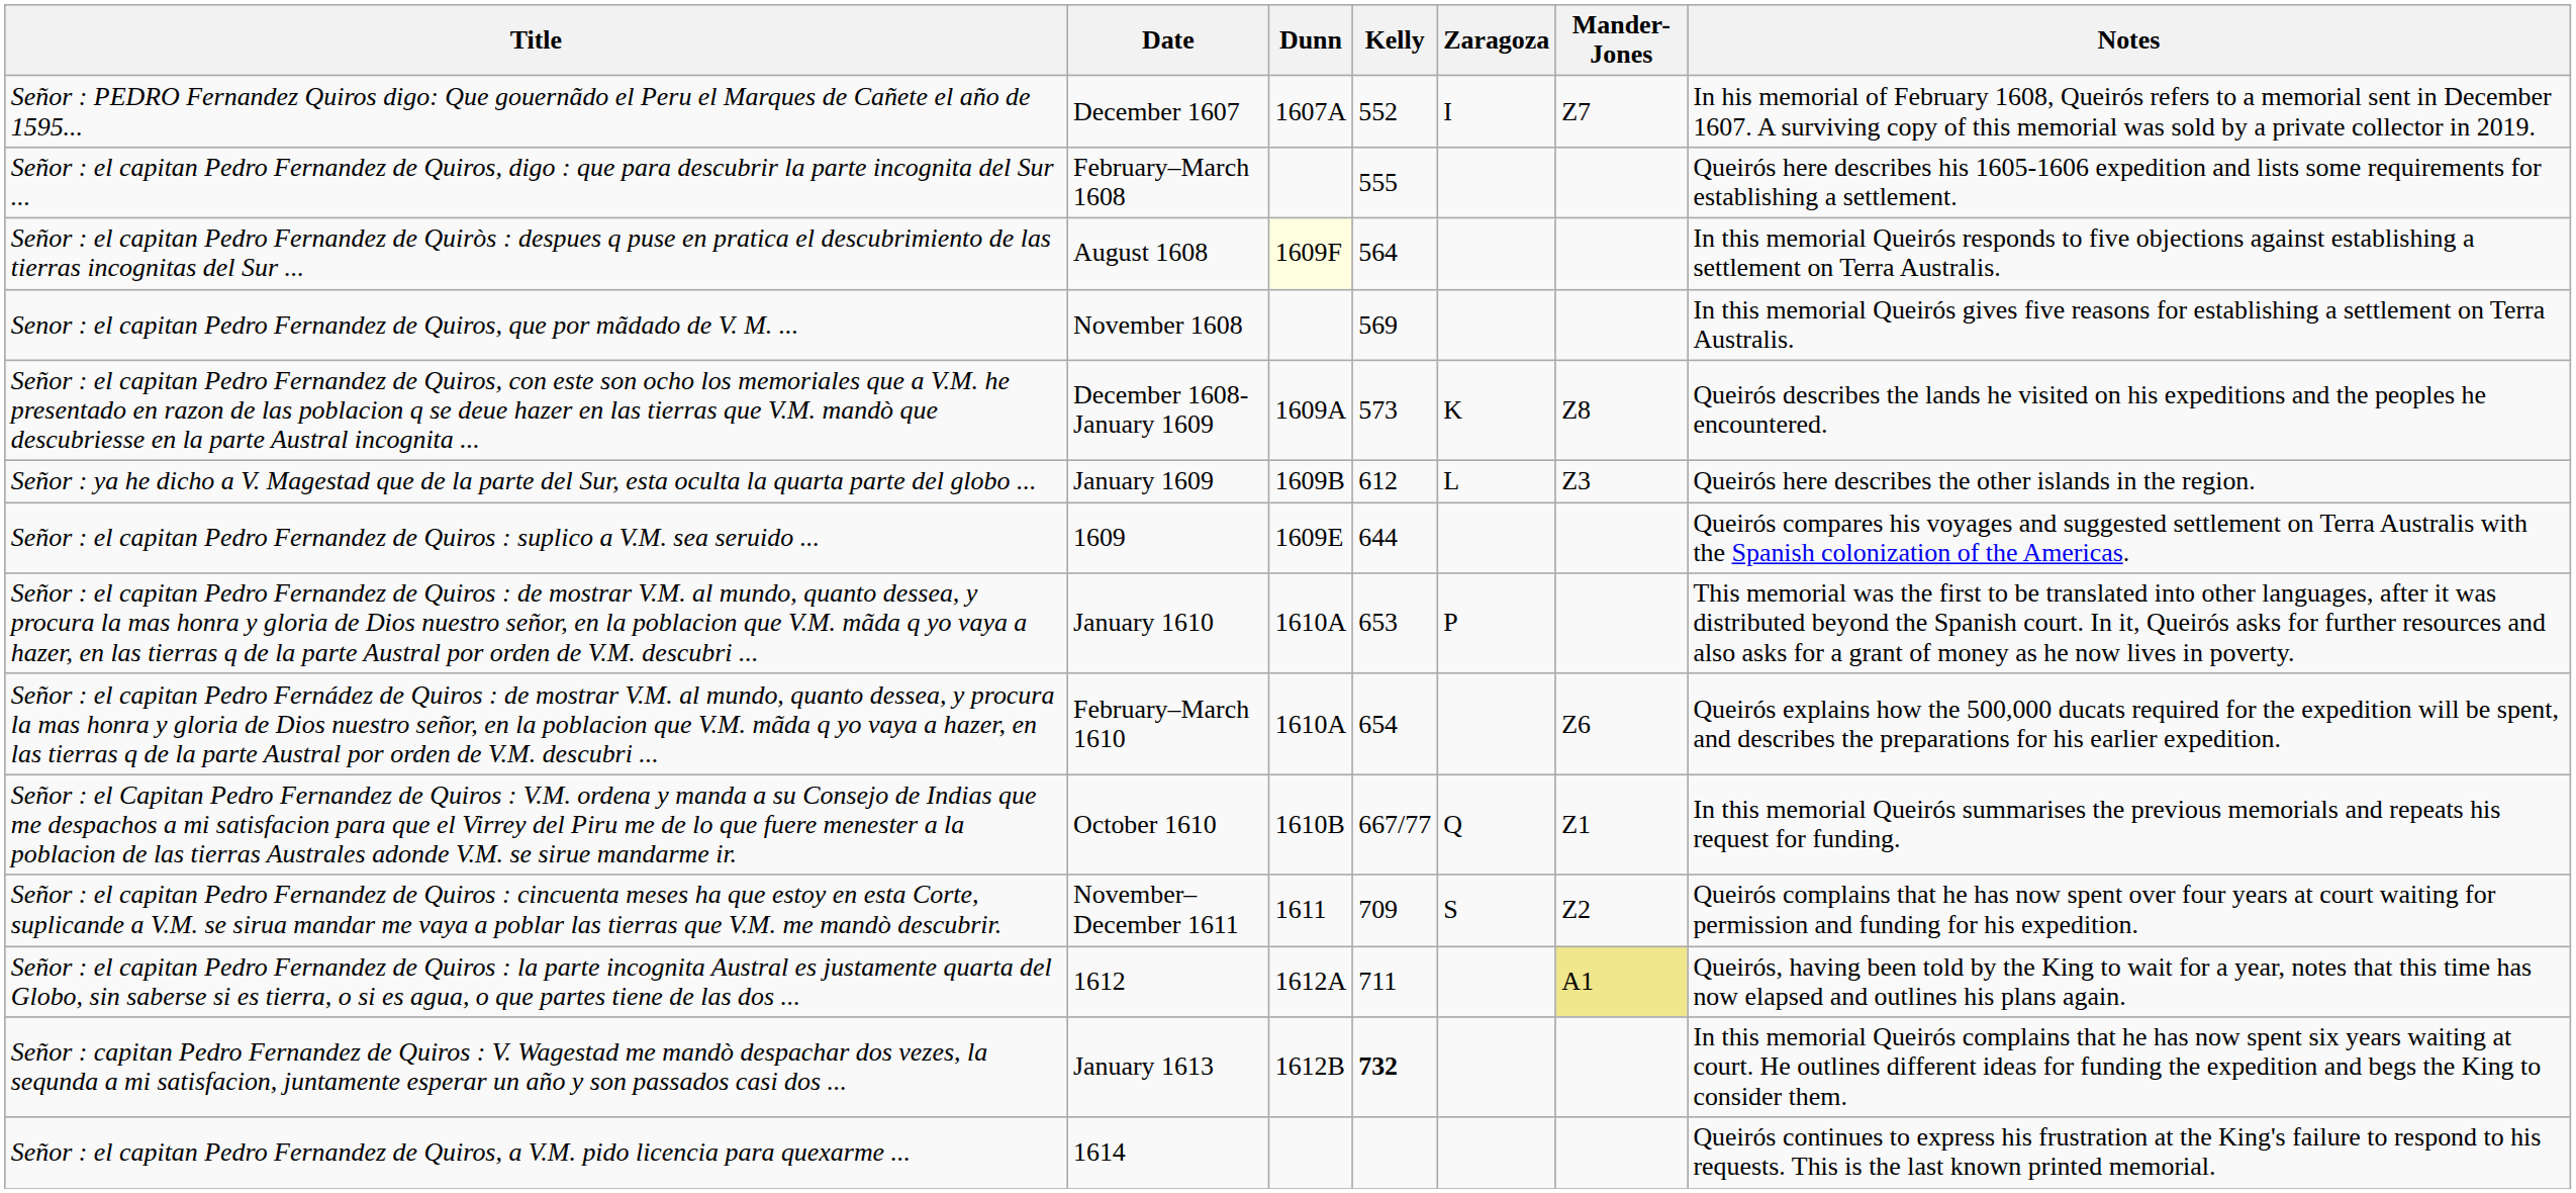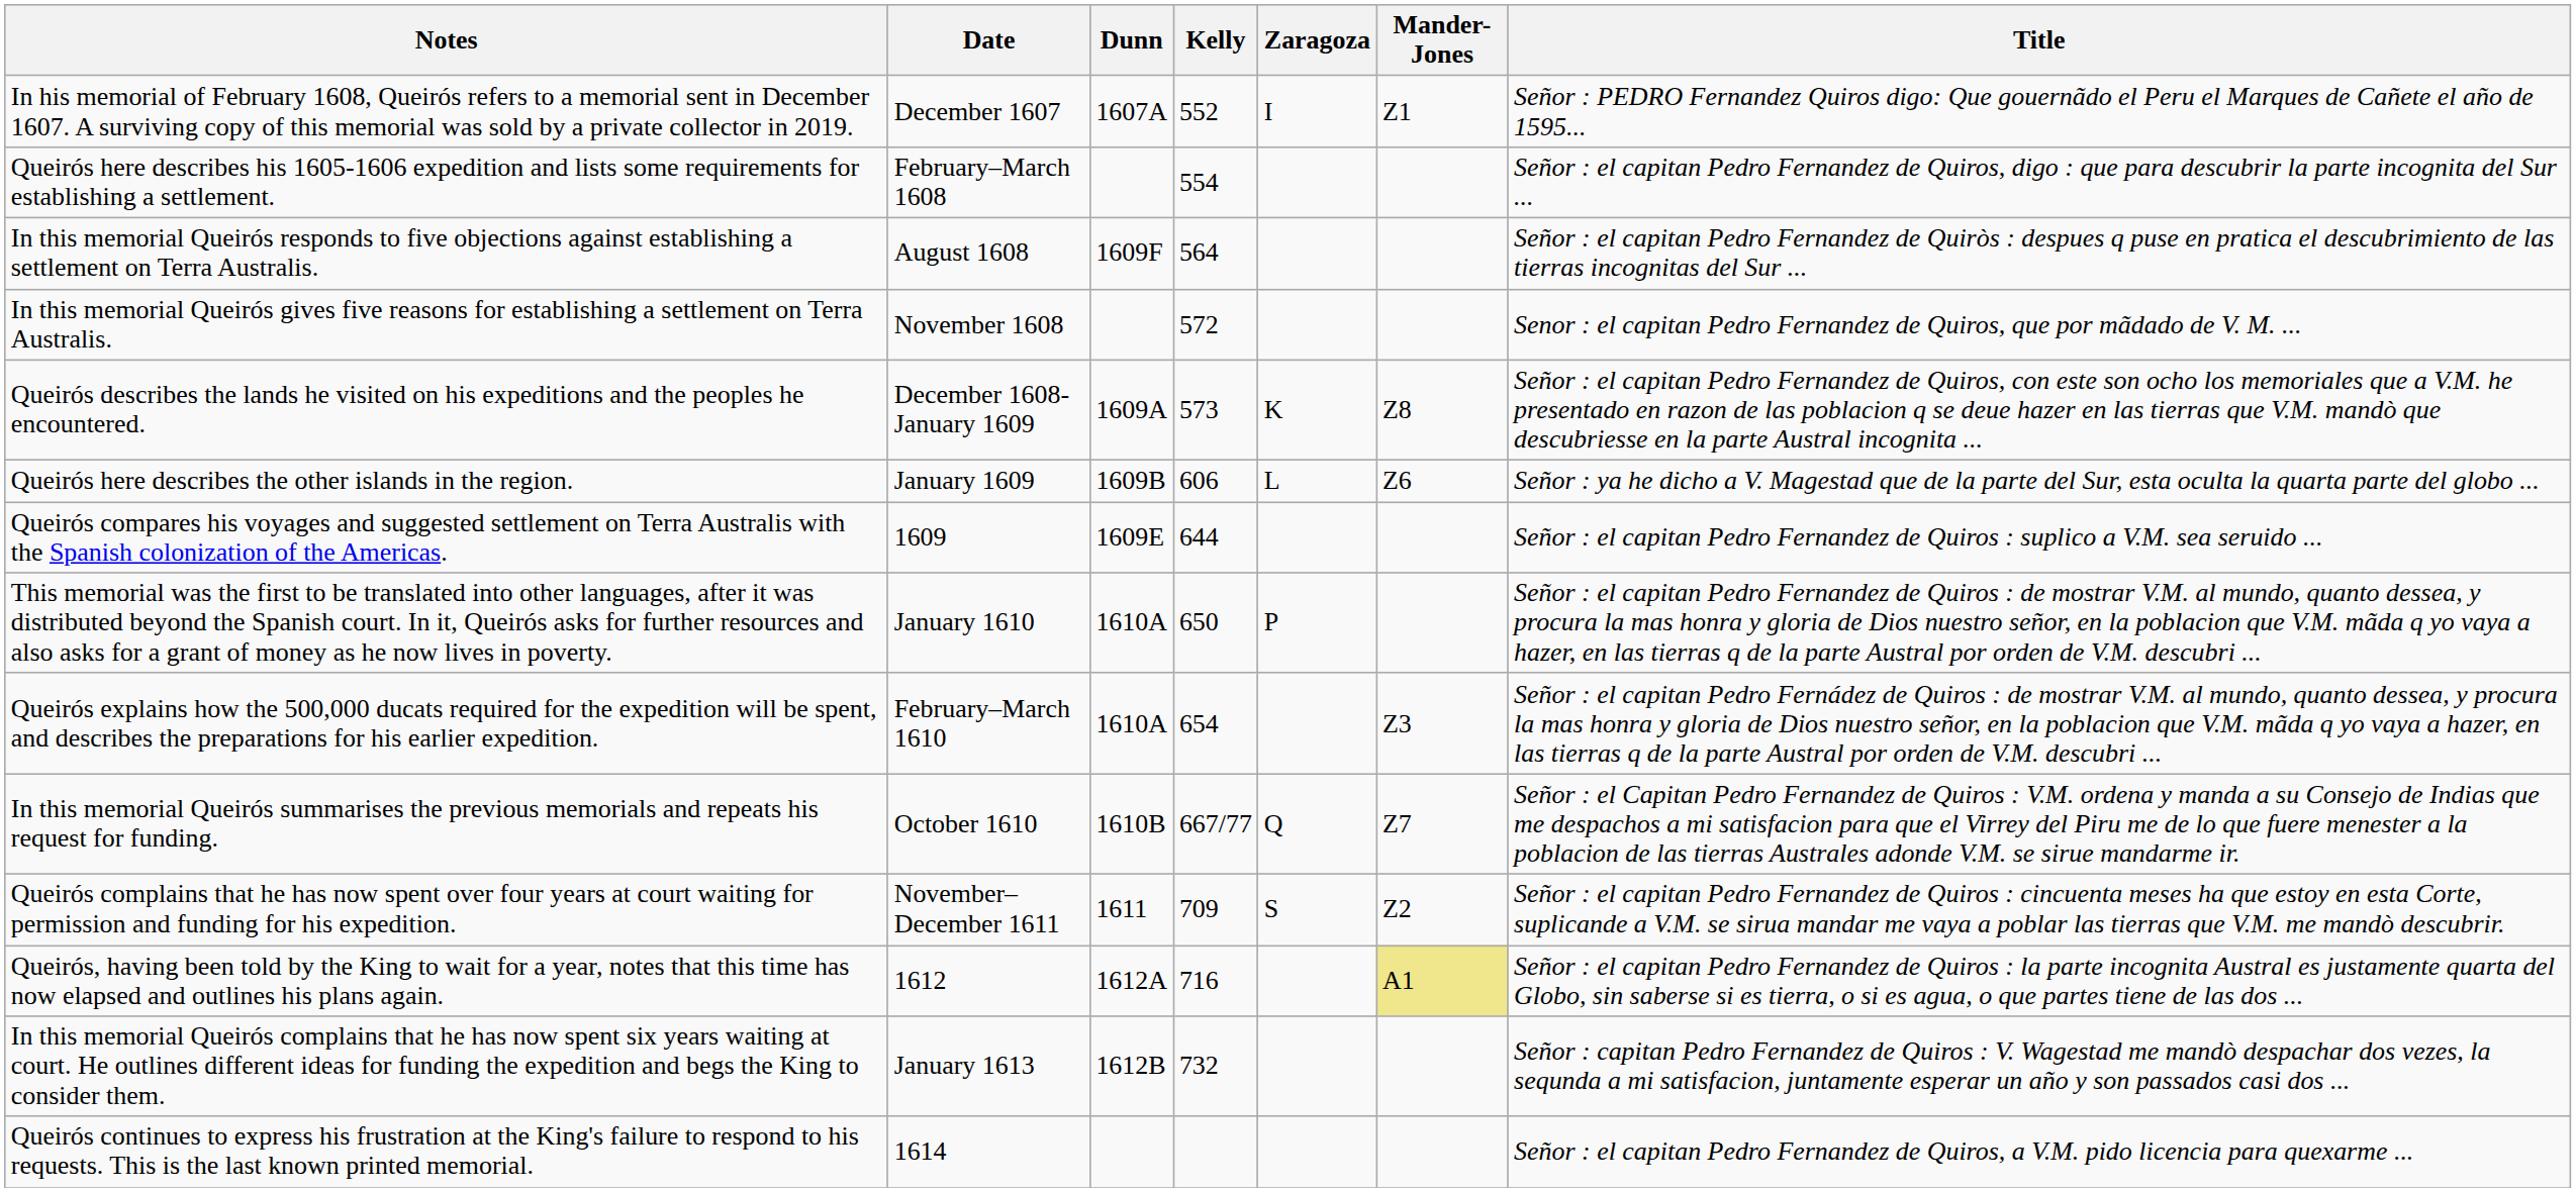 <table class="wikitable">
 <tr>
-<th>Title</th>
+<th>Notes</th>
 <th>Date</th>
 <th>Dunn</th>
 <th>Kelly</th>
 <th>Zaragoza</th>
 <th>Mander-Jones</th>
-<th>Notes</th>
+<th>Title</th>
 </tr>
 <tr>
-<td><em>Señor : PEDRO Fernandez Quiros digo: Que gouernãdo el Peru el Marques de Cañete el año de 1595...</em></td>
+<td>In his memorial of February 1608, Queirós refers to a memorial sent in December 1607. A surviving copy of this memorial was sold by a private collector in 2019.</td>
 <td>December 1607</td>
 <td>1607A</td>
 <td>552</td>
 <td>I</td>
-<td>Z7</td>
-<td>In his memorial of February 1608, Queirós refers to a memorial sent in December 1607. A surviving copy of this memorial was sold by a private collector in 2019.</td>
+<td>Z1</td>
+<td><em>Señor : PEDRO Fernandez Quiros digo: Que gouernãdo el Peru el Marques de Cañete el año de 1595...</em></td>
 </tr>
 <tr>
-<td><em>Señor : el capitan Pedro Fernandez de Quiros, digo : que para descubrir la parte incognita del Sur ...</em></td>
+<td>Queirós here describes his 1605-1606 expedition and lists some requirements for establishing a settlement.</td>
 <td>February–March 1608</td>
 <td></td>
-<td>555</td>
+<td>554</td>
 <td></td>
 <td></td>
-<td>Queirós here describes his 1605-1606 expedition and lists some requirements for establishing a settlement.</td>
+<td><em>Señor : el capitan Pedro Fernandez de Quiros, digo : que para descubrir la parte incognita del Sur ...</em></td>
 </tr>
 <tr>
-<td><em>Señor : el capitan Pedro Fernandez de Quiròs : despues q puse en pratica el descubrimiento de las tierras incognitas del Sur ...</em></td>
+<td>In this memorial Queirós responds to five objections against establishing a settlement on Terra Australis.</td>
 <td>August 1608</td>
-<td style="background: lightyellow;">1609F</td>
+<td>1609F</td>
 <td>564</td>
 <td></td>
 <td></td>
-<td>In this memorial Queirós responds to five objections against establishing a settlement on Terra Australis.</td>
+<td><em>Señor : el capitan Pedro Fernandez de Quiròs : despues q puse en pratica el descubrimiento de las tierras incognitas del Sur ...</em></td>
 </tr>
 <tr>
-<td><em>Senor : el capitan Pedro Fernandez de Quiros, que por mãdado de V. M. ...</em></td>
+<td>In this memorial Queirós gives five reasons for establishing a settlement on Terra Australis.</td>
 <td>November 1608</td>
 <td></td>
-<td>569</td>
+<td>572</td>
 <td></td>
 <td></td>
-<td>In this memorial Queirós gives five reasons for establishing a settlement on Terra Australis.</td>
+<td><em>Senor : el capitan Pedro Fernandez de Quiros, que por mãdado de V. M. ...</em></td>
 </tr>
 <tr>
-<td><em>Señor : el capitan Pedro Fernandez de Quiros, con este son ocho los memoriales que a V.M. he presentado en razon de las poblacion q se deue hazer en las tierras que V.M. mandò que descubriesse en la parte Austral incognita ...</em></td>
+<td>Queirós describes the lands he visited on his expeditions and the peoples he encountered.</td>
 <td>December 1608-January 1609</td>
 <td>1609A</td>
 <td>573</td>
 <td>K</td>
 <td>Z8</td>
-<td>Queirós describes the lands he visited on his expeditions and the peoples he encountered.</td>
+<td><em>Señor : el capitan Pedro Fernandez de Quiros, con este son ocho los memoriales que a V.M. he presentado en razon de las poblacion q se deue hazer en las tierras que V.M. mandò que descubriesse en la parte Austral incognita ...</em></td>
 </tr>
 <tr>
-<td><em>Señor : ya he dicho a V. Magestad que de la parte del Sur, esta oculta la quarta parte del globo ...</em></td>
+<td>Queirós here describes the other islands in the region.</td>
 <td>January 1609</td>
 <td>1609B</td>
-<td>612</td>
+<td>606</td>
 <td>L</td>
-<td>Z3</td>
-<td>Queirós here describes the other islands in the region.</td>
+<td>Z6</td>
+<td><em>Señor : ya he dicho a V. Magestad que de la parte del Sur, esta oculta la quarta parte del globo ...</em></td>
 </tr>
 <tr>
-<td><em>Señor : el capitan Pedro Fernandez de Quiros : suplico a V.M. sea seruido ...</em></td>
+<td>Queirós compares his voyages and suggested settlement on Terra Australis with the <a href='#'>Spanish colonization of the Americas</a>.</td>
 <td>1609</td>
 <td>1609E</td>
 <td>644</td>
 <td></td>
 <td></td>
-<td>Queirós compares his voyages and suggested settlement on Terra Australis with the <a href='#'>Spanish colonization of the Americas</a>.</td>
+<td><em>Señor : el capitan Pedro Fernandez de Quiros : suplico a V.M. sea seruido ...</em></td>
 </tr>
 <tr>
-<td><em>Señor : el capitan Pedro Fernandez de Quiros : de mostrar V.M. al mundo, quanto dessea, y procura la mas honra y gloria de Dios nuestro señor, en la poblacion que V.M. mãda q yo vaya a hazer, en las tierras q de la parte Austral por orden de V.M. descubri ...</em></td>
+<td>This memorial was the first to be translated into other languages, after it was distributed beyond the Spanish court. In it, Queirós asks for further resources and also asks for a grant of money as he now lives in poverty.</td>
 <td>January 1610</td>
 <td>1610A</td>
-<td>653</td>
+<td>650</td>
 <td>P</td>
 <td></td>
-<td>This memorial was the first to be translated into other languages, after it was distributed beyond the Spanish court. In it, Queirós asks for further resources and also asks for a grant of money as he now lives in poverty.</td>
+<td><em>Señor : el capitan Pedro Fernandez de Quiros : de mostrar V.M. al mundo, quanto dessea, y procura la mas honra y gloria de Dios nuestro señor, en la poblacion que V.M. mãda q yo vaya a hazer, en las tierras q de la parte Austral por orden de V.M. descubri ...</em></td>
 </tr>
 <tr>
-<td><em>Señor : el capitan Pedro Fernádez de Quiros : de mostrar V.M. al mundo, quanto dessea, y procura la mas honra y gloria de Dios nuestro señor, en la poblacion que V.M. mãda q yo vaya a hazer, en las tierras q de la parte Austral por orden de V.M. descubri ...</em></td>
+<td>Queirós explains how the 500,000 ducats required for the expedition will be spent, and describes the preparations for his earlier expedition.</td>
 <td>February–March 1610</td>
 <td>1610A</td>
 <td>654</td>
 <td></td>
-<td>Z6</td>
-<td>Queirós explains how the 500,000 ducats required for the expedition will be spent, and describes the preparations for his earlier expedition.</td>
+<td>Z3</td>
+<td><em>Señor : el capitan Pedro Fernádez de Quiros : de mostrar V.M. al mundo, quanto dessea, y procura la mas honra y gloria de Dios nuestro señor, en la poblacion que V.M. mãda q yo vaya a hazer, en las tierras q de la parte Austral por orden de V.M. descubri ...</em></td>
 </tr>
 <tr>
-<td><em>Señor : el Capitan Pedro Fernandez de Quiros : V.M. ordena y manda a su Consejo de Indias que me despachos a mi satisfacion para que el Virrey del Piru me de lo que fuere menester a la poblacion de las tierras Australes adonde V.M. se sirue mandarme ir.</em></td>
+<td>In this memorial Queirós summarises the previous memorials and repeats his request for funding.</td>
 <td>October 1610</td>
 <td>1610B</td>
 <td>667/77</td>
 <td>Q</td>
-<td>Z1</td>
-<td>In this memorial Queirós summarises the previous memorials and repeats his request for funding.</td>
+<td>Z7</td>
+<td><em>Señor : el Capitan Pedro Fernandez de Quiros : V.M. ordena y manda a su Consejo de Indias que me despachos a mi satisfacion para que el Virrey del Piru me de lo que fuere menester a la poblacion de las tierras Australes adonde V.M. se sirue mandarme ir.</em></td>
 </tr>
 <tr>
-<td><em>Señor : el capitan Pedro Fernandez de Quiros : cincuenta meses ha que estoy en esta Corte, suplicande a V.M. se sirua mandar me vaya a poblar las tierras que V.M. me mandò descubrir.</em></td>
+<td>Queirós complains that he has now spent over four years at court waiting for permission and funding for his expedition.</td>
 <td>November–December 1611</td>
 <td>1611</td>
 <td>709</td>
 <td>S</td>
 <td>Z2</td>
-<td>Queirós complains that he has now spent over four years at court waiting for permission and funding for his expedition.</td>
+<td><em>Señor : el capitan Pedro Fernandez de Quiros : cincuenta meses ha que estoy en esta Corte, suplicande a V.M. se sirua mandar me vaya a poblar las tierras que V.M. me mandò descubrir.</em></td>
 </tr>
 <tr>
-<td><em>Señor : el capitan Pedro Fernandez de Quiros : la parte incognita Austral es justamente quarta del Globo, sin saberse si es tierra, o si es agua, o que partes tiene de las dos ...</em></td>
+<td>Queirós, having been told by the King to wait for a year, notes that this time has now elapsed and outlines his plans again.</td>
 <td>1612</td>
 <td>1612A</td>
-<td>711</td>
+<td>716</td>
 <td></td>
 <td style="background: khaki;">A1</td>
-<td>Queirós, having been told by the King to wait for a year, notes that this time has now elapsed and outlines his plans again.</td>
+<td><em>Señor : el capitan Pedro Fernandez de Quiros : la parte incognita Austral es justamente quarta del Globo, sin saberse si es tierra, o si es agua, o que partes tiene de las dos ...</em></td>
 </tr>
 <tr>
-<td><em>Señor : capitan Pedro Fernandez de Quiros : V. Wagestad me mandò despachar dos vezes, la sequnda a mi satisfacion, juntamente esperar un año y son passados casi dos ...</em></td>
+<td>In this memorial Queirós complains that he has now spent six years waiting at court. He outlines different ideas for funding the expedition and begs the King to consider them.</td>
 <td>January 1613</td>
 <td>1612B</td>
-<td><strong>732</strong></td>
+<td>732</td>
 <td></td>
 <td></td>
-<td>In this memorial Queirós complains that he has now spent six years waiting at court. He outlines different ideas for funding the expedition and begs the King to consider them.</td>
+<td><em>Señor : capitan Pedro Fernandez de Quiros : V. Wagestad me mandò despachar dos vezes, la sequnda a mi satisfacion, juntamente esperar un año y son passados casi dos ...</em></td>
 </tr>
 <tr>
-<td><em>Señor : el capitan Pedro Fernandez de Quiros, a V.M. pido licencia para quexarme ...</em></td>
+<td>Queirós continues to express his frustration at the King's failure to respond to his requests. This is the last known printed memorial.</td>
 <td>1614</td>
 <td></td>
 <td></td>
 <td></td>
 <td></td>
-<td>Queirós continues to express his frustration at the King's failure to respond to his requests. This is the last known printed memorial.</td>
+<td><em>Señor : el capitan Pedro Fernandez de Quiros, a V.M. pido licencia para quexarme ...</em></td>
 </tr>
 </table>
